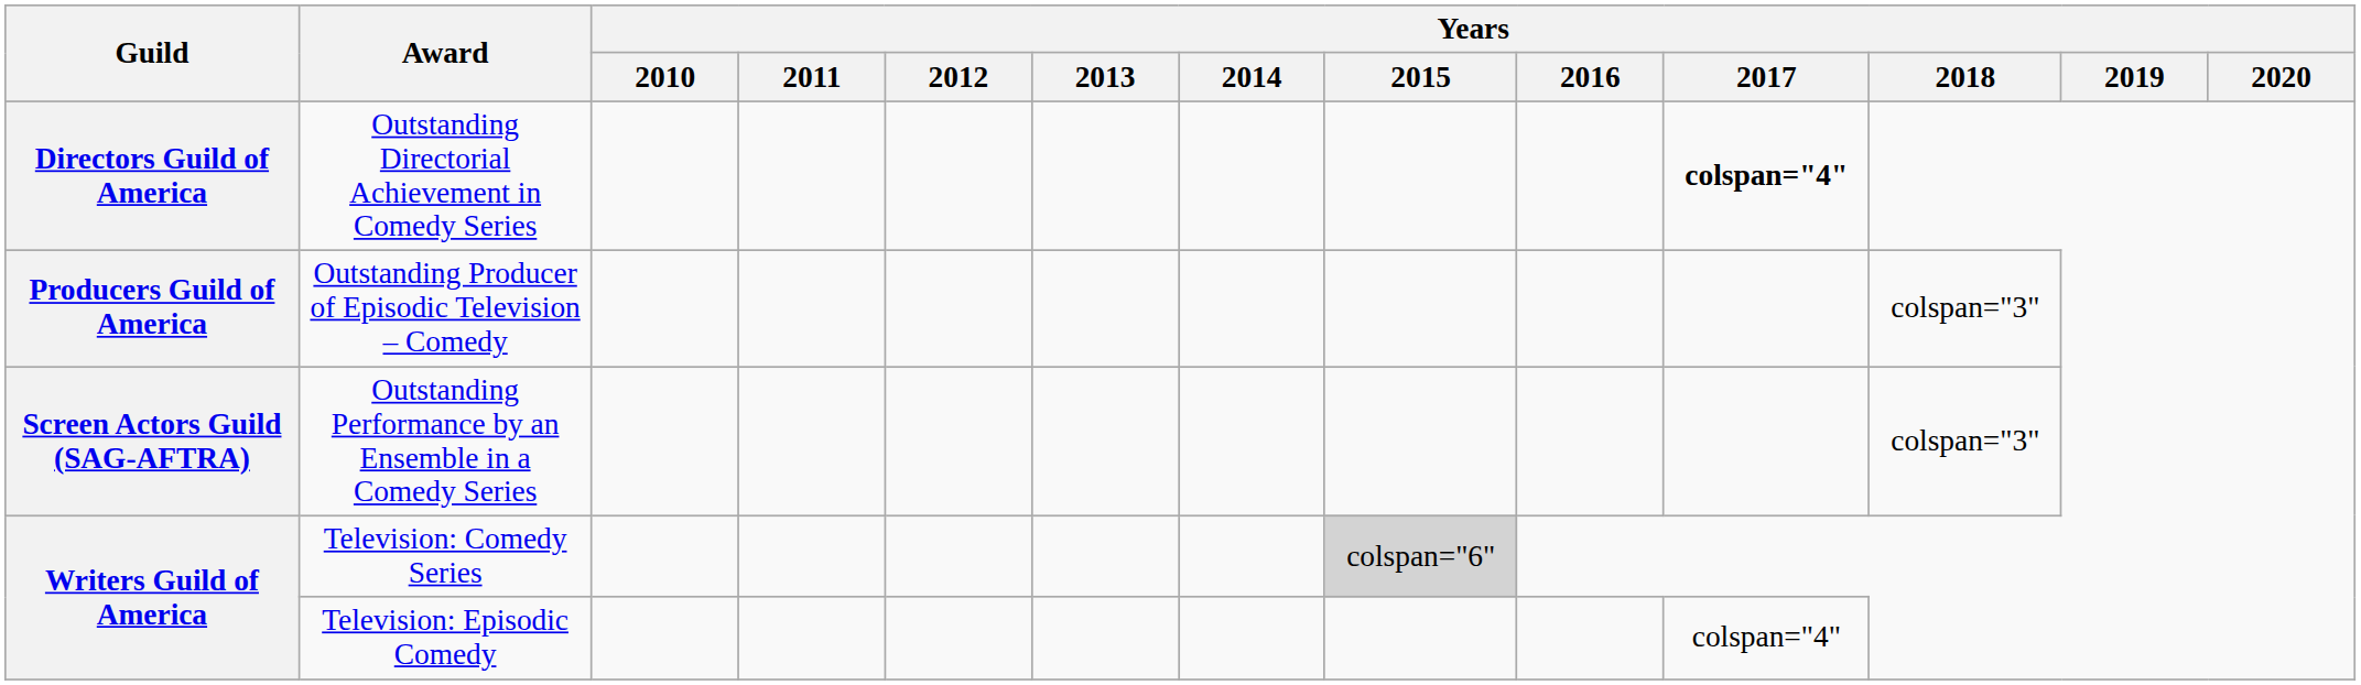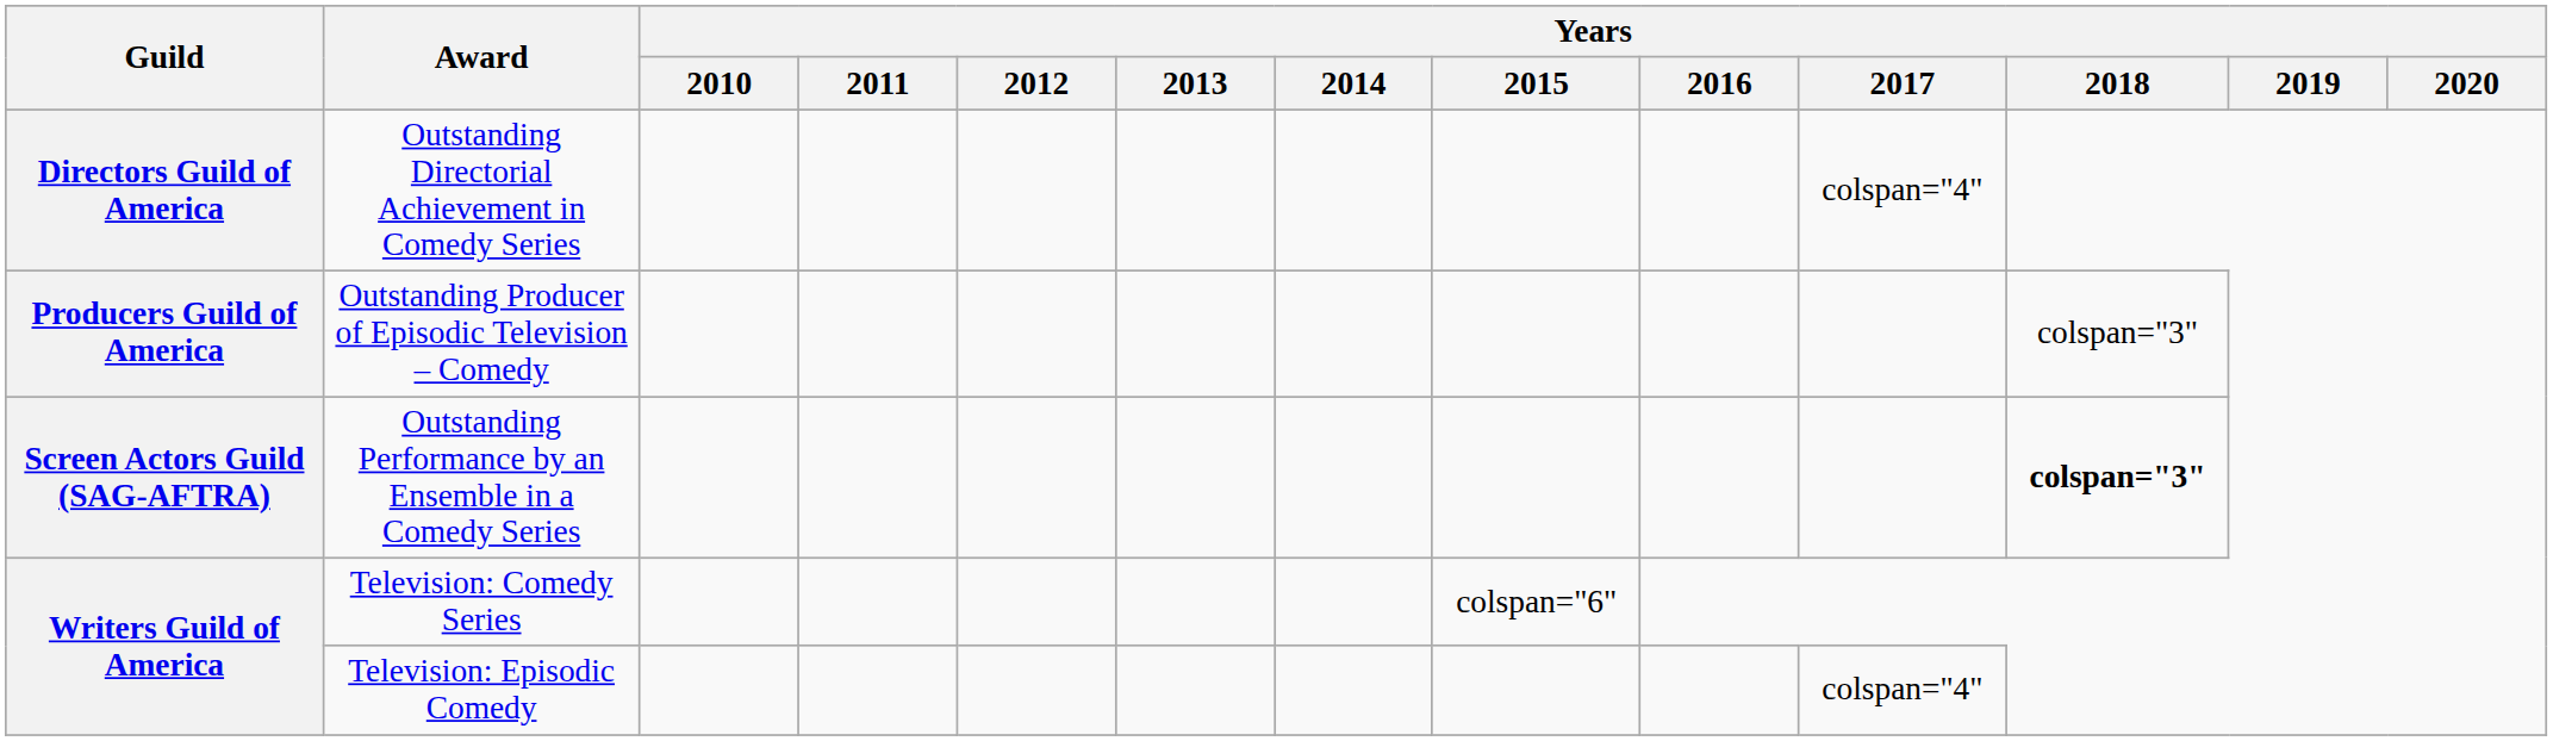 <table class="wikitable sortable plainrowheaders" style="text-align:center" summary="15 wins from 43 nominations">
 <tr>
 <th scope="col" rowspan="2" style="width:10%;">Guild</th>
 <th scope="col" rowspan="2" style="width:10%;">Award</th>
 <th scope="col" colspan="11">Years</th>
 </tr>
 <tr>
 <th scope="col" style="width:5%;">2010</th>
 <th scope="col" style="width:5%;">2011</th>
 <th scope="col" style="width:5%;">2012</th>
 <th scope="col" style="width:5%;">2013</th>
 <th scope="col" style="width:5%;">2014</th>
 <th scope="col" style="width:5%;">2015</th>
 <th scope="col" style="width:5%;">2016</th>
 <th scope="col" style="width:5%;">2017</th>
 <th scope="col" style="width:5%;" class="unsortable">2018</th>
 <th scope="col" style="width:5%;" class="unsortable">2019</th>
 <th scope="col" style="width:5%;" class="unsortable">2020</th>
 </tr>
 <tr>
 <th scope="row"><a href='#'>Directors Guild of America</a></th>
 <td><a href='#'>Outstanding Directorial Achievement in Comedy Series</a></td>
 <td></td>
 <td></td>
 <td></td>
 <td></td>
 <td></td>
 <td></td>
 <td></td>
-<td><strong>colspan="4" </strong></td>
+<td>colspan="4" </td>
 </tr>
 <tr>
 <th scope="row"><a href='#'>Producers Guild of America</a></th>
 <td><a href='#'>Outstanding Producer of Episodic Television – Comedy</a></td>
 <td></td>
 <td></td>
 <td></td>
 <td></td>
 <td></td>
 <td></td>
 <td></td>
 <td></td>
 <td>colspan="3" </td>
 </tr>
 <tr>
 <th scope="row"><a href='#'>Screen Actors Guild (SAG-AFTRA)</a></th>
 <td><a href='#'>Outstanding Performance by an Ensemble in a Comedy Series</a></td>
 <td></td>
 <td></td>
 <td></td>
 <td></td>
 <td></td>
 <td></td>
 <td></td>
 <td></td>
-<td>colspan="3" </td>
+<td><strong>colspan="3" </strong></td>
 </tr>
 <tr>
 <th scope="rowgroup" rowspan="2"><a href='#'>Writers Guild of America</a></th>
 <td><a href='#'>Television: Comedy Series</a></td>
 <td></td>
 <td></td>
 <td></td>
 <td></td>
 <td></td>
-<td style="background: lightgrey;">colspan="6" </td>
+<td>colspan="6" </td>
 </tr>
 <tr>
 <td><a href='#'>Television: Episodic Comedy</a></td>
 <td></td>
 <td></td>
 <td></td>
 <td></td>
 <td></td>
 <td></td>
 <td></td>
 <td>colspan="4" </td>
 </tr>
 </table>
